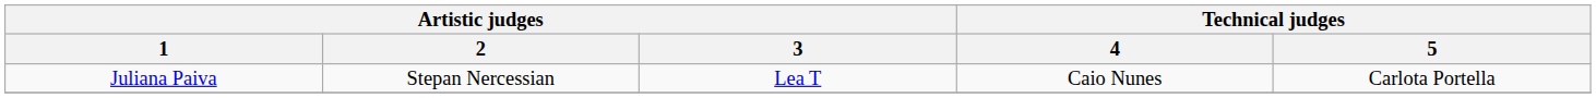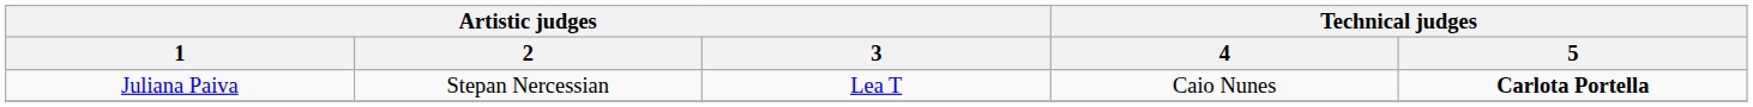 <table class="wikitable" style="font-size:100%; line-height:16px; text-align:center" width="100%">
 <tr>
 <th colspan=3>Artistic judges</th>
 <th colspan=2>Technical judges</th>
 </tr>
 <tr>
 <th style="width:20.0%;">1</th>
 <th style="width:20.0%;">2</th>
 <th style="width:20.0%;">3</th>
 <th style="width:20.0%;">4</th>
 <th style="width:20.0%;">5</th>
 </tr>
 <tr>
 <td><a href='#'>Juliana Paiva</a></td>
 <td>Stepan Nercessian</td>
 <td><a href='#'>Lea T</a></td>
 <td>Caio Nunes</td>
-<td>Carlota Portella</td>
+<td><strong>Carlota Portella</strong></td>
 </tr>
 <tr>
 </tr>
 </table>
